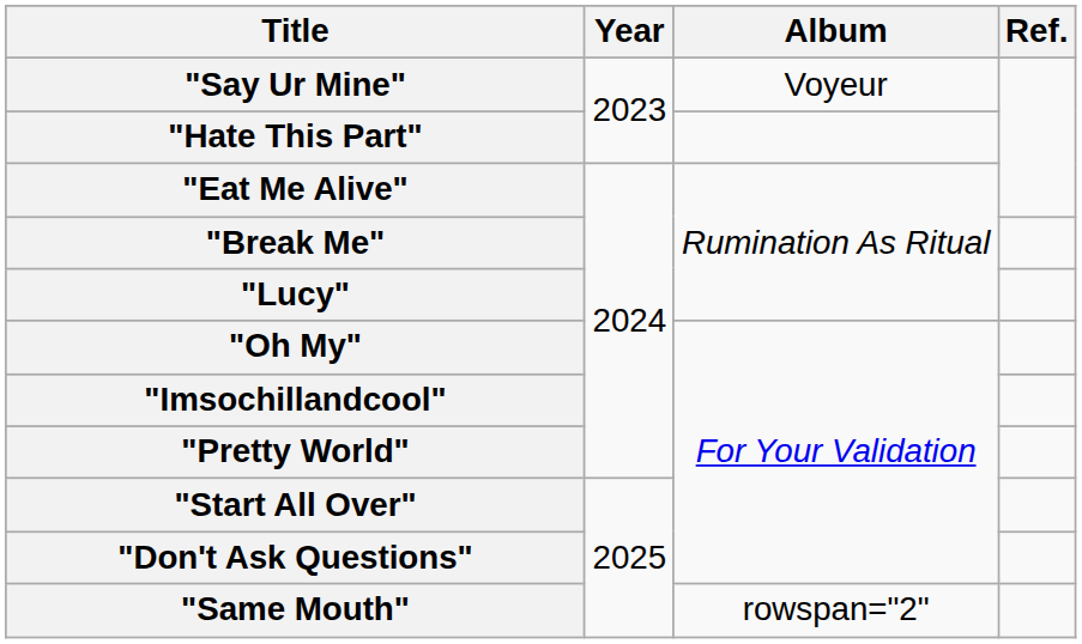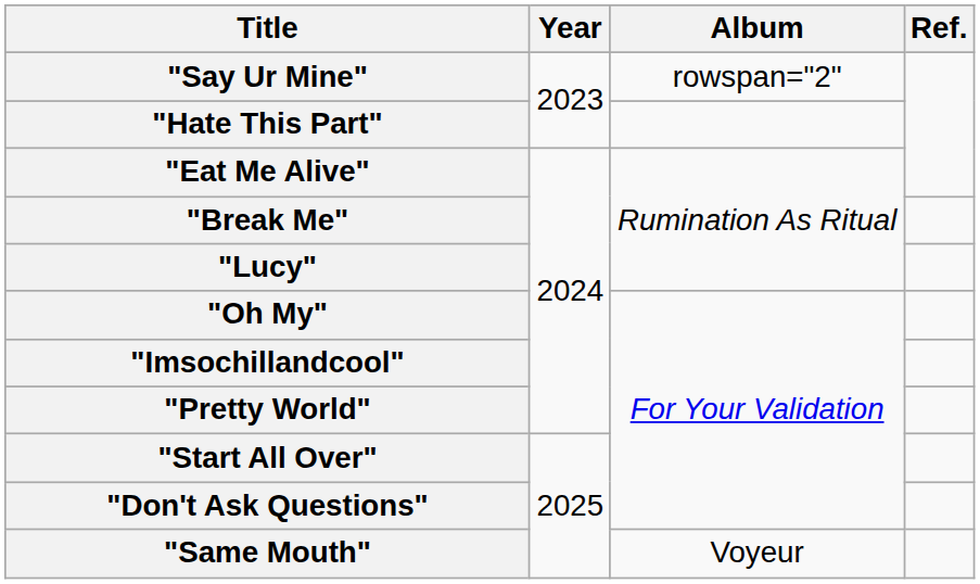 <table class="wikitable plainrowheaders" style="text-align:center;">
 <tr>
 <th scope="col" style="width:17em;">Title</th>
 <th scope="col" style="width:1em;">Year</th>
 <th scope="col">Album</th>
 <th>Ref.</th>
 </tr>
 <tr>
 <th scope="row">"Say Ur Mine"</th>
 <td rowspan="2">2023</td>
-<td>Voyeur</td>
+<td>rowspan="2" </td>
 <td rowspan="3"></td>
 </tr>
 <tr>
 <th scope="row">"Hate This Part"</th>
 </tr>
 <tr>
 <th scope="row">"Eat Me Alive"</th>
 <td rowspan="6">2024</td>
 <td rowspan="3"><em>Rumination As Ritual</em></td>
 </tr>
 <tr>
 <th scope="row">"Break Me"</th>
 <td></td>
 </tr>
 <tr>
 <th scope="row">"Lucy"</th>
 <td></td>
 </tr>
 <tr>
 <th scope="row">"Oh My"</th>
 <td rowspan="5"><em><a href='#'>For Your Validation</a></em></td>
 <td></td>
 </tr>
 <tr>
 <th scope="row">"Imsochillandcool"</th>
 <td></td>
 </tr>
 <tr>
 <th scope="row">"Pretty World"</th>
 <td></td>
 </tr>
 <tr>
 <th scope="row">"Start All Over"</th>
 <td rowspan="3">2025</td>
 <td></td>
 </tr>
 <tr>
 <th scope="row">"Don't Ask Questions"</th>
 <td></td>
 </tr>
 <tr>
 <th scope="row">"Same Mouth"</th>
-<td>rowspan="2" </td>
+<td>Voyeur</td>
 <td rowspan="3"></td>
 </tr>
 </table>
